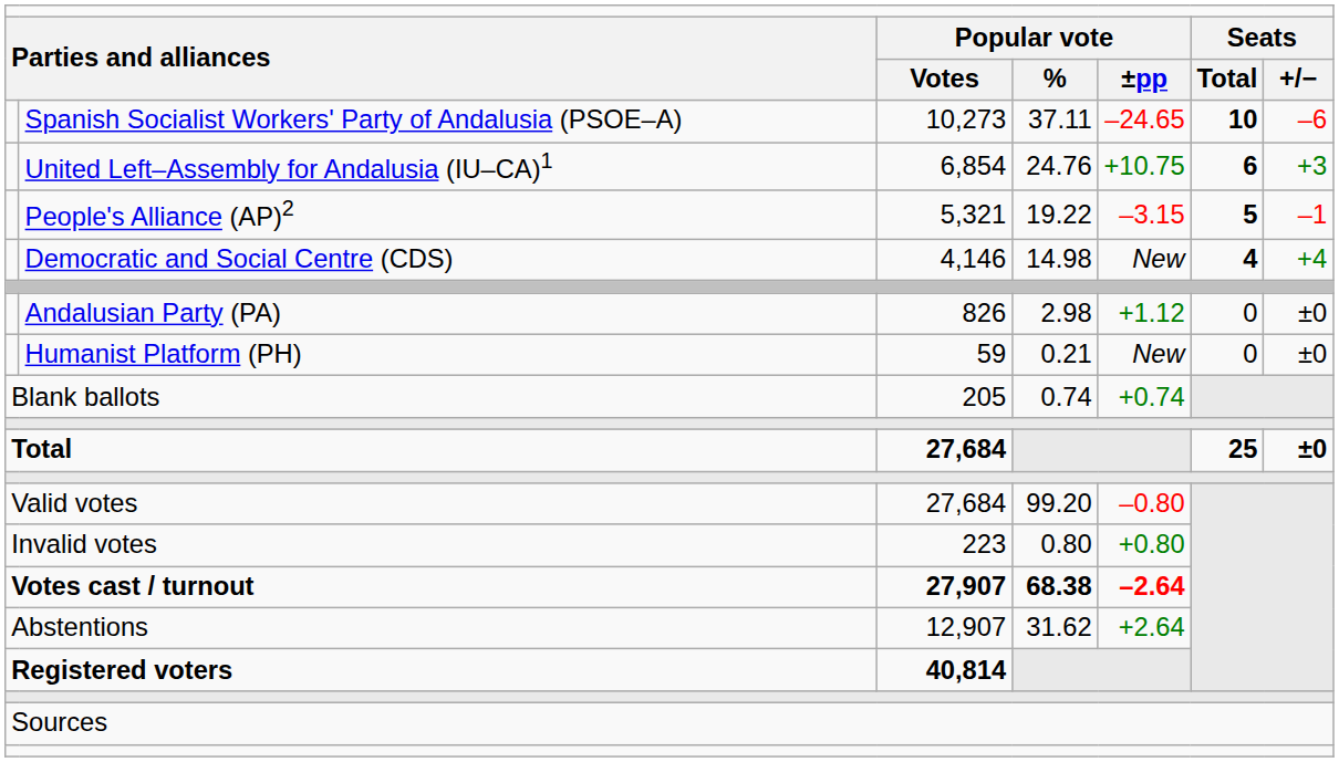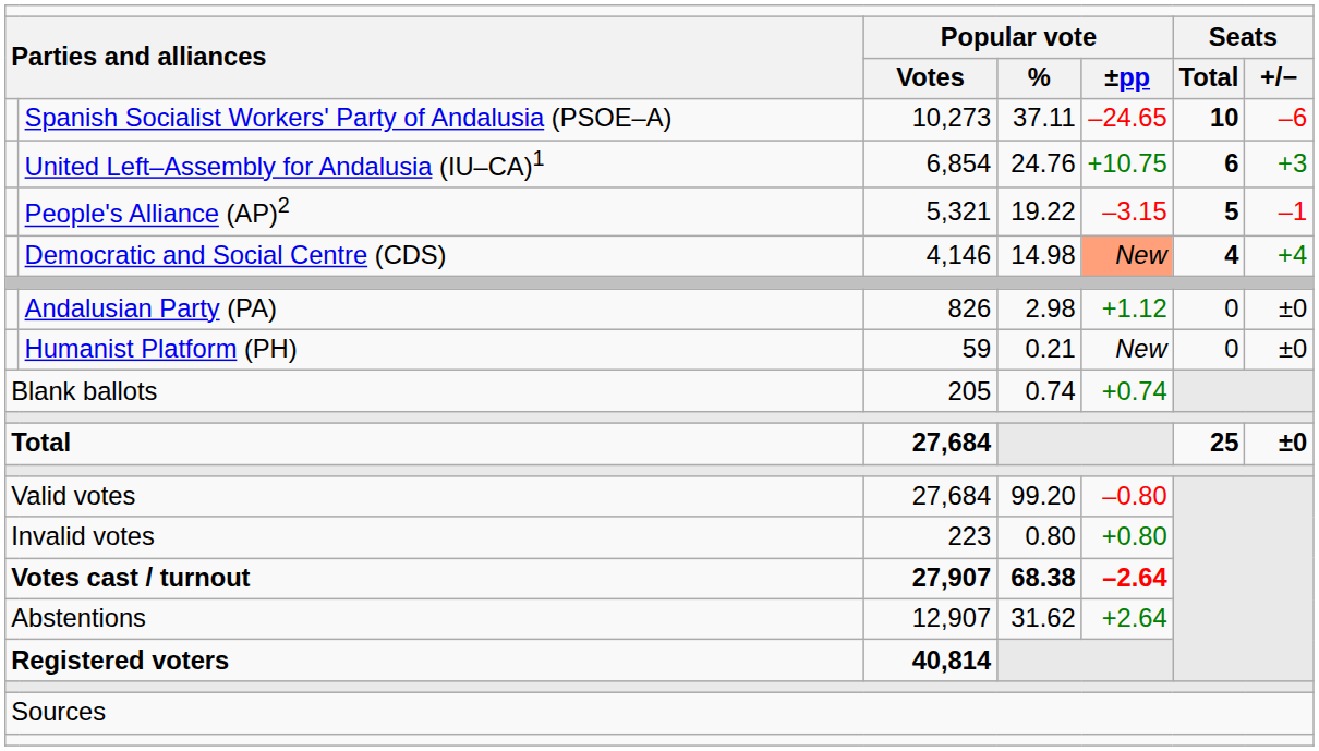 <table class="wikitable" style="text-align:right;">
 <tr>
 <td colspan="7"></td>
 </tr>
 <tr>
 <th style="text-align:left;" rowspan="2" colspan="2" width="525">Parties and alliances</th>
 <th colspan="3">Popular vote</th>
 <th colspan="2">Seats</th>
 </tr>
 <tr>
 <th width="75">Votes</th>
 <th width="45">%</th>
 <th width="45">±<a href='#'>pp</a></th>
 <th width="35">Total</th>
 <th width="35">+/−</th>
 </tr>
 <tr>
 <td width="1" style="color:inherit;background:"></td>
 <td align="left"><a href='#'>Spanish Socialist Workers' Party of Andalusia</a> (PSOE–A)</td>
 <td>10,273</td>
 <td>37.11</td>
 <td style="color:red;">–24.65</td>
 <td><strong>10</strong></td>
 <td style="color:red;">–6</td>
 </tr>
 <tr>
 <td style="color:inherit;background:"></td>
 <td align="left"><a href='#'>United Left–Assembly for Andalusia</a> (IU–CA)<sup>1</sup></td>
 <td>6,854</td>
 <td>24.76</td>
 <td style="color:green;">+10.75</td>
 <td><strong>6</strong></td>
 <td style="color:green;">+3</td>
 </tr>
 <tr>
 <td style="color:inherit;background:"></td>
 <td align="left"><a href='#'>People's Alliance</a> (AP)<sup>2</sup></td>
 <td>5,321</td>
 <td>19.22</td>
 <td style="color:red;">–3.15</td>
 <td><strong>5</strong></td>
 <td style="color:red;">–1</td>
 </tr>
 <tr>
 <td style="color:inherit;background:"></td>
 <td align="left"><a href='#'>Democratic and Social Centre</a> (CDS)</td>
 <td>4,146</td>
 <td>14.98</td>
-<td><em>New</em></td>
+<td style="background: lightsalmon;"><em>New</em></td>
 <td><strong>4</strong></td>
 <td style="color:green;">+4</td>
 </tr>
 <tr>
 <td colspan="7" bgcolor="#C0C0C0"></td>
 </tr>
 <tr>
 <td style="color:inherit;background:"></td>
 <td align="left"><a href='#'>Andalusian Party</a> (PA)</td>
 <td>826</td>
 <td>2.98</td>
 <td style="color:green;">+1.12</td>
 <td>0</td>
 <td>±0</td>
 </tr>
 <tr>
 <td style="color:inherit;background:"></td>
 <td align="left"><a href='#'>Humanist Platform</a> (PH)</td>
 <td>59</td>
 <td>0.21</td>
 <td><em>New</em></td>
 <td>0</td>
 <td>±0</td>
 </tr>
 <tr>
 <td align="left" colspan="2">Blank ballots</td>
 <td>205</td>
 <td>0.74</td>
 <td style="color:green;">+0.74</td>
 <td bgcolor="#E9E9E9" colspan="2"></td>
 </tr>
 <tr>
 <td colspan="7" bgcolor="#E9E9E9"></td>
 </tr>
 <tr style="font-weight:bold;">
 <td align="left" colspan="2">Total</td>
 <td>27,684</td>
 <td bgcolor="#E9E9E9" colspan="2"></td>
 <td>25</td>
 <td>±0</td>
 </tr>
 <tr>
 <td colspan="7" bgcolor="#E9E9E9"></td>
 </tr>
 <tr>
 <td align="left" colspan="2">Valid votes</td>
 <td>27,684</td>
 <td>99.20</td>
 <td style="color:red;">–0.80</td>
 <td bgcolor="#E9E9E9" colspan="2" rowspan="5"></td>
 </tr>
 <tr>
 <td align="left" colspan="2">Invalid votes</td>
 <td>223</td>
 <td>0.80</td>
 <td style="color:green;">+0.80</td>
 </tr>
 <tr style="font-weight:bold;">
 <td align="left" colspan="2">Votes cast / turnout</td>
 <td>27,907</td>
 <td>68.38</td>
 <td style="color:red;">–2.64</td>
 </tr>
 <tr>
 <td align="left" colspan="2">Abstentions</td>
 <td>12,907</td>
 <td>31.62</td>
 <td style="color:green;">+2.64</td>
 </tr>
 <tr style="font-weight:bold;">
 <td align="left" colspan="2">Registered voters</td>
 <td>40,814</td>
 <td bgcolor="#E9E9E9" colspan="2"></td>
 </tr>
 <tr>
 <td colspan="7" bgcolor="#E9E9E9"></td>
 </tr>
 <tr>
 <td align="left" colspan="7">Sources</td>
 </tr>
 <tr>
 <td colspan="7" style="text-align:left; max-width:790px;"></td>
 </tr>
 </table>
